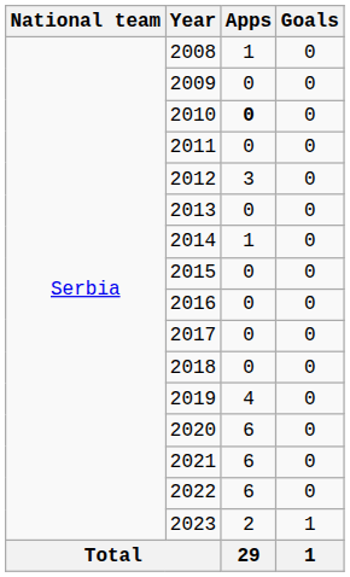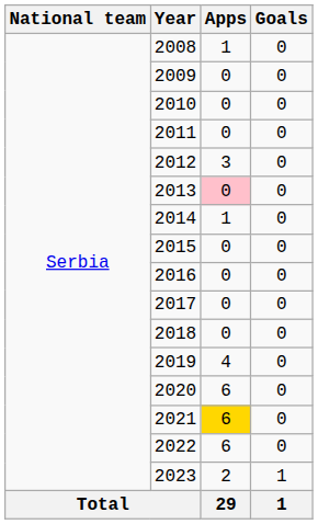 <table class="wikitable" style="text-align:center">
 <tr>
 <th>National team</th>
 <th>Year</th>
 <th>Apps</th>
 <th>Goals</th>
 </tr>
 <tr>
 <td rowspan="16"><a href='#'>Serbia</a></td>
 <td>2008</td>
 <td>1</td>
 <td>0</td>
 </tr>
 <tr>
 <td>2009</td>
 <td>0</td>
 <td>0</td>
 </tr>
 <tr>
 <td>2010</td>
-<td><strong>0</strong></td>
+<td>0</td>
 <td>0</td>
 </tr>
 <tr>
 <td>2011</td>
 <td>0</td>
 <td>0</td>
 </tr>
 <tr>
 <td>2012</td>
 <td>3</td>
 <td>0</td>
 </tr>
 <tr>
 <td>2013</td>
-<td>0</td>
+<td style="background: pink;">0</td>
 <td>0</td>
 </tr>
 <tr>
 <td>2014</td>
 <td>1</td>
 <td>0</td>
 </tr>
 <tr>
 <td>2015</td>
 <td>0</td>
 <td>0</td>
 </tr>
 <tr>
 <td>2016</td>
 <td>0</td>
 <td>0</td>
 </tr>
 <tr>
 <td>2017</td>
 <td>0</td>
 <td>0</td>
 </tr>
 <tr>
 <td>2018</td>
 <td>0</td>
 <td>0</td>
 </tr>
 <tr>
 <td>2019</td>
 <td>4</td>
 <td>0</td>
 </tr>
 <tr>
 <td>2020</td>
 <td>6</td>
 <td>0</td>
 </tr>
 <tr>
 <td>2021</td>
-<td>6</td>
+<td style="background: gold;">6</td>
 <td>0</td>
 </tr>
 <tr>
 <td>2022</td>
 <td>6</td>
 <td>0</td>
 </tr>
 <tr>
 <td>2023</td>
 <td>2</td>
 <td>1</td>
 </tr>
 <tr>
 <th colspan="2">Total</th>
 <th>29</th>
 <th>1</th>
 </tr>
 </table>
